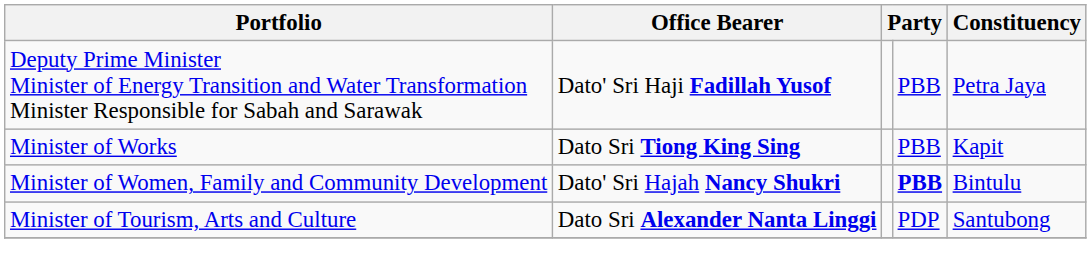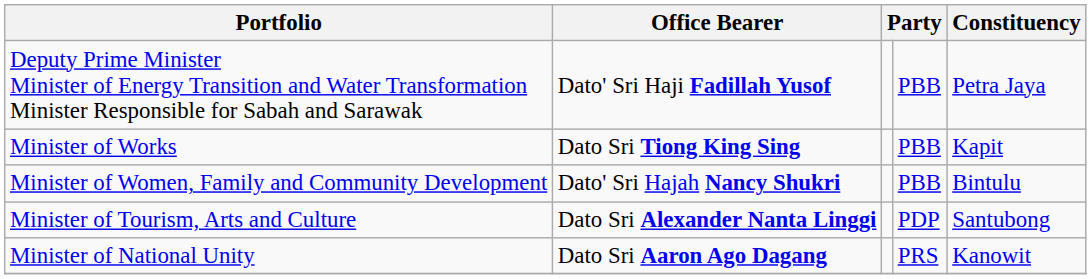 <table class="sortable wikitable">
 <tr>
 <th>Portfolio</th>
 <th>Office Bearer</th>
 <th colspan="2">Party</th>
 <th>Constituency</th>
 </tr>
 <tr>
 <td><a href='#'>Deputy Prime Minister</a> <br> <a href='#'>Minister of Energy Transition and Water Transformation</a> <br> Minister Responsible for Sabah and Sarawak</td>
 <td>Dato' Sri Haji <strong><a href='#'>Fadillah Yusof</a></strong> </td>
 <td></td>
 <td><a href='#'>PBB</a></td>
 <td><a href='#'>Petra Jaya</a></td>
 </tr>
 <tr>
 <td><a href='#'>Minister of Works</a></td>
 <td>Dato Sri <strong><a href='#'>Tiong King Sing</a></strong>  </td>
 <td></td>
 <td><a href='#'>PBB</a></td>
 <td><a href='#'>Kapit</a></td>
 </tr>
 <tr>
 <td><a href='#'>Minister of Women, Family and Community Development</a></td>
 <td>Dato' Sri <a href='#'>Hajah</a> <strong><a href='#'>Nancy Shukri</a></strong> </td>
 <td></td>
-<td><strong><a href='#'>PBB</a></strong></td>
+<td><a href='#'>PBB</a></td>
 <td><a href='#'>Bintulu</a></td>
 </tr>
 <tr>
 <td><a href='#'>Minister of Tourism, Arts and Culture</a></td>
 <td>Dato Sri <strong><a href='#'>Alexander Nanta Linggi</a></strong> </td>
 <td></td>
 <td><a href='#'>PDP</a></td>
 <td><a href='#'>Santubong</a></td>
 </tr>
 <tr>
+<td><a href='#'>Minister of National Unity</a></td>
+<td>Dato Sri <strong><a href='#'>Aaron Ago Dagang</a></strong> </td>
+<td></td>
+<td><a href='#'>PRS</a></td>
+<td><a href='#'>Kanowit</a></td>
+</tr>
+<tr>
 </tr>
 </table>
